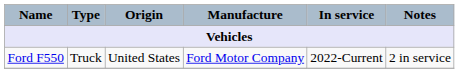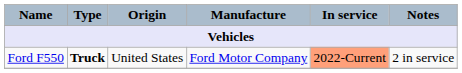 <table class="wikitable">
 <tr>
 <th style="text-align:center; background:#aabccc;">Name</th>
 <th style="text-align:center; background:#aabccc;">Type</th>
 <th style="text-align:center; background:#aabccc;">Origin</th>
 <th style="text-align:center; background:#aabccc;">Manufacture</th>
 <th style="text-align:center; background:#aabccc;">In service</th>
 <th style="text-align:center; background:#aabccc;">Notes</th>
 </tr>
 <tr>
 <th colspan="6" style="background: lavender;">Vehicles</th>
 </tr>
 <tr>
 <td><a href='#'>Ford F550</a></td>
-<td>Truck</td>
+<td><strong>Truck</strong></td>
 <td>United States</td>
 <td><a href='#'>Ford Motor Company</a></td>
-<td>2022-Current</td>
+<td style="background: lightsalmon;">2022-Current</td>
 <td>2 in service</td>
 </tr>
 <tr>
 </tr>
 </table>
